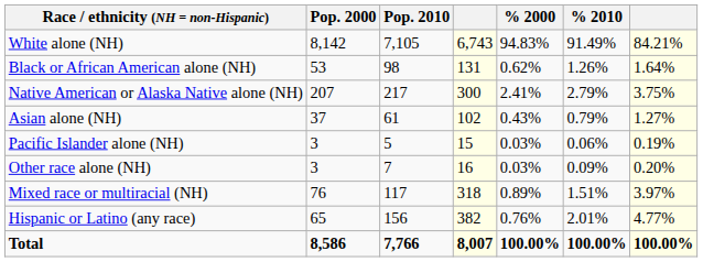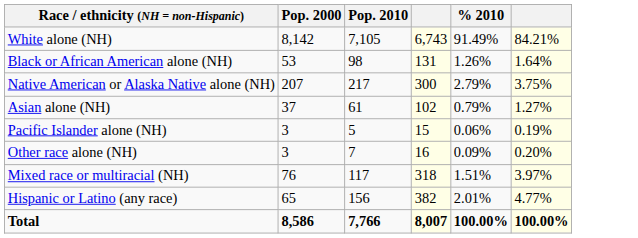 <table class="wikitable">
 <tr>
 <th>Race / ethnicity <small>(<em>NH = non-Hispanic</em>)</small></th>
 <th>Pop. 2000</th>
 <th>Pop. 2010</th>
 <th></th>
-<th>% 2000</th>
 <th>% 2010</th>
 <th></th>
 </tr>
 <tr>
 <td><a href='#'>White</a> alone (NH)</td>
 <td>8,142</td>
 <td>7,105</td>
 <td style='background: #ffffe6;'>6,743</td>
-<td>94.83%</td>
 <td>91.49%</td>
 <td style='background: #ffffe6;'>84.21%</td>
 </tr>
 <tr>
 <td><a href='#'>Black or African American</a> alone (NH)</td>
 <td>53</td>
 <td>98</td>
 <td style='background: #ffffe6;'>131</td>
-<td>0.62%</td>
 <td>1.26%</td>
 <td style='background: #ffffe6;'>1.64%</td>
 </tr>
 <tr>
 <td><a href='#'>Native American</a> or <a href='#'>Alaska Native</a> alone (NH)</td>
 <td>207</td>
 <td>217</td>
 <td style='background: #ffffe6;'>300</td>
-<td>2.41%</td>
 <td>2.79%</td>
 <td style='background: #ffffe6;'>3.75%</td>
 </tr>
 <tr>
 <td><a href='#'>Asian</a> alone (NH)</td>
 <td>37</td>
 <td>61</td>
 <td style='background: #ffffe6;'>102</td>
-<td>0.43%</td>
 <td>0.79%</td>
 <td style='background: #ffffe6;'>1.27%</td>
 </tr>
 <tr>
 <td><a href='#'>Pacific Islander</a> alone (NH)</td>
 <td>3</td>
 <td>5</td>
 <td style='background: #ffffe6;'>15</td>
-<td>0.03%</td>
 <td>0.06%</td>
 <td style='background: #ffffe6;'>0.19%</td>
 </tr>
 <tr>
 <td><a href='#'>Other race</a> alone (NH)</td>
 <td>3</td>
 <td>7</td>
 <td style='background: #ffffe6;'>16</td>
-<td>0.03%</td>
 <td>0.09%</td>
 <td style='background: #ffffe6;'>0.20%</td>
 </tr>
 <tr>
 <td><a href='#'>Mixed race or multiracial</a> (NH)</td>
 <td>76</td>
 <td>117</td>
 <td style='background: #ffffe6;'>318</td>
-<td>0.89%</td>
 <td>1.51%</td>
 <td style='background: #ffffe6;'>3.97%</td>
 </tr>
 <tr>
 <td><a href='#'>Hispanic or Latino</a> (any race)</td>
 <td>65</td>
 <td>156</td>
 <td style='background: #ffffe6;'>382</td>
-<td>0.76%</td>
 <td>2.01%</td>
 <td style='background: #ffffe6;'>4.77%</td>
 </tr>
 <tr>
 <td><strong>Total</strong></td>
 <td><strong>8,586</strong></td>
 <td><strong>7,766</strong></td>
 <td style='background: #ffffe6;'><strong>8,007</strong></td>
 <td><strong>100.00%</strong></td>
-<td><strong>100.00%</strong></td>
 <td style='background: #ffffe6;'><strong>100.00%</strong></td>
 </tr>
 </table>
